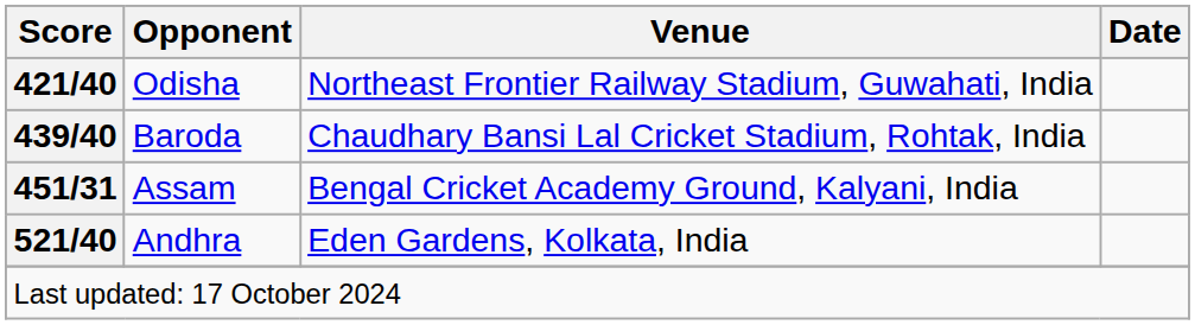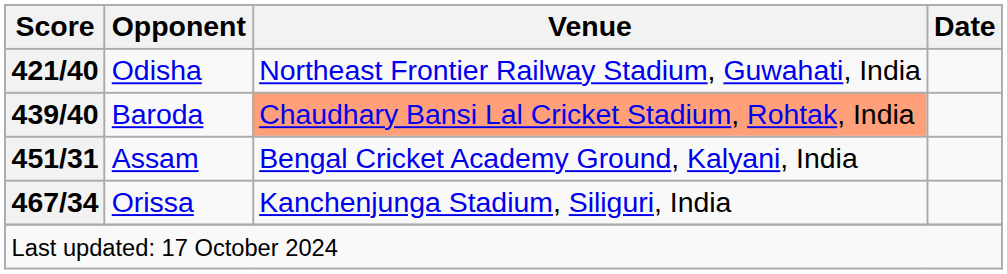 <table class="wikitable sortable" style="text-align:left;font-size:93%;">
 <tr>
 <th><strong>Score</strong></th>
 <th><strong>Opponent</strong></th>
 <th><strong>Venue</strong></th>
 <th><strong>Date</strong></th>
 </tr>
 <tr>
 <th>421/40</th>
 <td><a href='#'>Odisha</a></td>
 <td><a href='#'>Northeast Frontier Railway Stadium</a>, <a href='#'>Guwahati</a>, India</td>
 <td></td>
 </tr>
 <tr>
 <th>439/40</th>
 <td><a href='#'>Baroda</a></td>
-<td><a href='#'>Chaudhary Bansi Lal Cricket Stadium</a>, <a href='#'>Rohtak</a>, India</td>
+<td style="background: lightsalmon;"><a href='#'>Chaudhary Bansi Lal Cricket Stadium</a>, <a href='#'>Rohtak</a>, India</td>
 <td></td>
 </tr>
 <tr>
 <th>451/31</th>
 <td><a href='#'>Assam</a></td>
 <td><a href='#'>Bengal Cricket Academy Ground</a>, <a href='#'>Kalyani</a>, India</td>
 <td></td>
 </tr>
 <tr>
-<th>521/40</th>
-<td><a href='#'>Andhra</a></td>
-<td><a href='#'>Eden Gardens</a>, <a href='#'>Kolkata</a>, India</td>
+<th>467/34</th>
+<td><a href='#'>Orissa</a></td>
+<td><a href='#'>Kanchenjunga Stadium</a>, <a href='#'>Siliguri</a>, India</td>
 <td></td>
 </tr>
 <tr>
 </tr>
 <tr class="sortbottom">
 <td colspan="4"><small>Last updated: 17 October 2024</small></td>
 </tr>
 </table>
